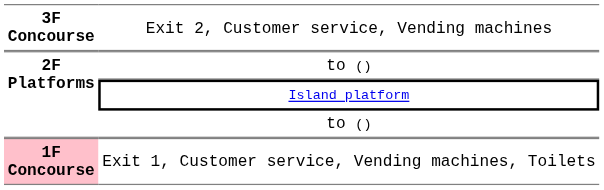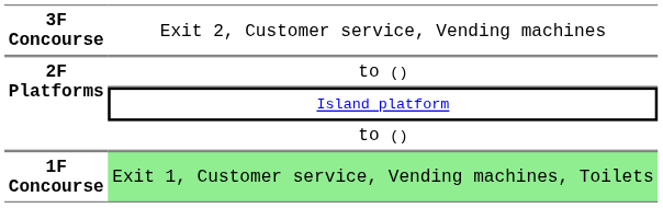 <table table border=0 cellspacing=0 cellpadding=3>
 <tr>
 <td style="border-bottom:solid 1px gray; border-top:solid 1px gray;text-align:center" valign=top><strong>3F<br>Concourse</strong></td>
 <td style="border-bottom:solid 1px gray; border-top:solid 1px gray;text-align:center">Exit 2, Customer service, Vending machines</td>
 </tr>
 <tr>
 <td style="border-bottom:solid 1px gray; border-top:solid 1px gray;text-align:center" rowspan="3" valign=top><strong>2F<br>Platforms</strong></td>
 <td style="border-bottom:solid 1px gray; border-top:solid 1px gray;text-align:center;">  to  <small>()</small></td>
 </tr>
 <tr>
 <td style="border-right:solid 2px black;border-left:solid 2px black;border-top:solid 2px black;border-bottom:solid 2px black;text-align:center;" colspan=2><small><a href='#'>Island platform</a></small></td>
 </tr>
 <tr>
 <td style="border-bottom:solid 1px gray;text-align:center;"> to  <small>() </small></td>
 </tr>
 <tr>
-<td style="background: pink; border-bottom:solid 1px gray; border-top:solid 1px gray;text-align:center" valign=top><strong>1F<br>Concourse</strong></td>
-<td style="border-bottom:solid 1px gray; border-top:solid 1px gray;text-align:center">Exit 1, Customer service, Vending machines, Toilets</td>
+<td style="border-bottom:solid 1px gray; border-top:solid 1px gray;text-align:center" valign=top><strong>1F<br>Concourse</strong></td>
+<td style="background: lightgreen; border-bottom:solid 1px gray; border-top:solid 1px gray;text-align:center">Exit 1, Customer service, Vending machines, Toilets</td>
 </tr>
 </table>
